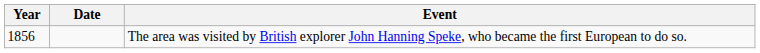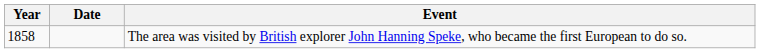 <table class="wikitable" width="100%">
 <tr>
 <th style="width:6%">Year</th>
 <th style="width:10%">Date</th>
 <th>Event</th>
 </tr>
 <tr>
-<td>1856</td>
+<td>1858</td>
 <td></td>
 <td>The area was visited by <a href='#'>British</a> explorer <a href='#'>John Hanning Speke</a>, who became the first European to do so.</td>
 </tr>
 </table>
